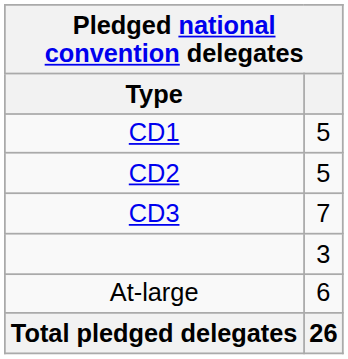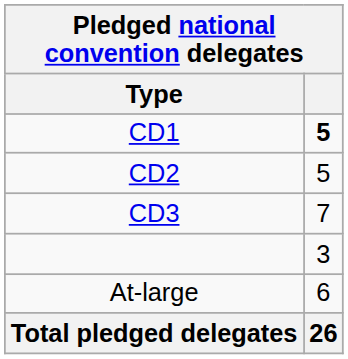 <table class="wikitable sortable" style="font-size:90%;text-align:center;float:none;padding:5px;">
 <tr>
 <th colspan="2">Pledged <a href='#'>national<br>convention</a> delegates</th>
 </tr>
 <tr>
 <th>Type</th>
 <th></th>
 </tr>
 <tr>
 <td><a href='#'>CD1</a></td>
-<td>5</td>
+<td><strong>5</strong></td>
 </tr>
 <tr>
 <td><a href='#'>CD2</a></td>
 <td>5</td>
 </tr>
 <tr>
 <td><a href='#'>CD3</a></td>
 <td>7</td>
 </tr>
 <tr>
 <td></td>
 <td>3</td>
 </tr>
 <tr>
 <td>At-large</td>
 <td>6</td>
 </tr>
 <tr>
 <th>Total pledged delegates</th>
 <th>26</th>
 </tr>
 </table>
